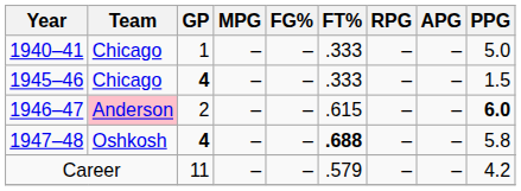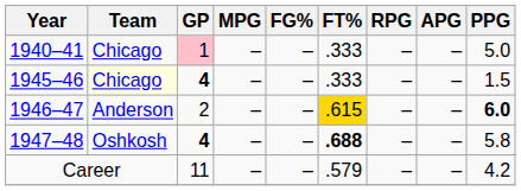 <table class="wikitable sortable" style="font-size:95%; text-align:right;">
 <tr>
 <th>Year</th>
 <th>Team</th>
 <th>GP</th>
 <th>MPG</th>
 <th>FG%</th>
 <th>FT%</th>
 <th>RPG</th>
 <th>APG</th>
 <th>PPG</th>
 </tr>
 <tr>
 <td style="text-align:left;"><a href='#'>1940–41</a></td>
 <td style="text-align:left;"><a href='#'>Chicago</a></td>
-<td>1</td>
+<td style="background: pink;">1</td>
 <td>–</td>
 <td>–</td>
 <td>.333</td>
 <td>–</td>
 <td>–</td>
 <td>5.0</td>
 </tr>
 <tr>
 <td style="text-align:left;"><a href='#'>1945–46</a></td>
-<td style="text-align:left;"><a href='#'>Chicago</a></td>
+<td style="background: lightyellow; text-align:left;"><a href='#'>Chicago</a></td>
 <td><strong>4</strong></td>
 <td>–</td>
 <td>–</td>
 <td>.333</td>
 <td>–</td>
 <td>–</td>
 <td>1.5</td>
 </tr>
 <tr>
 <td style="text-align:left;"><a href='#'>1946–47</a></td>
-<td style="background: pink; text-align:left;"><a href='#'>Anderson</a></td>
+<td style="text-align:left;"><a href='#'>Anderson</a></td>
 <td>2</td>
 <td>–</td>
 <td>–</td>
-<td>.615</td>
+<td style="background: gold;">.615</td>
 <td>–</td>
 <td>–</td>
 <td><strong>6.0</strong></td>
 </tr>
 <tr>
 <td style="text-align:left;"><a href='#'>1947–48</a></td>
 <td style="text-align:left;"><a href='#'>Oshkosh</a></td>
 <td><strong>4</strong></td>
 <td>–</td>
 <td>–</td>
 <td><strong>.688</strong></td>
 <td>–</td>
 <td>–</td>
 <td>5.8</td>
 </tr>
 <tr>
 </tr>
 <tr class="sortbottom">
 <td style="text-align:center;" colspan="2">Career</td>
 <td>11</td>
 <td>–</td>
 <td>–</td>
 <td>.579</td>
 <td>–</td>
 <td>–</td>
 <td>4.2</td>
 </tr>
 <tr>
 </tr>
 </table>
